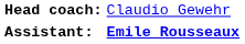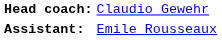 <table>
 <tr>
 <td><strong>Head coach:</strong></td>
 <td><a href='#'>Claudio Gewehr</a></td>
 </tr>
 <tr>
 <td><strong>Assistant:</strong></td>
-<td><strong><a href='#'>Emile Rousseaux</a></strong></td>
+<td><a href='#'>Emile Rousseaux</a></td>
 </tr>
 </table>
